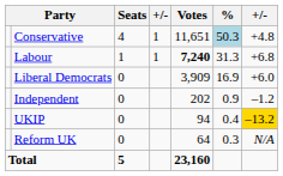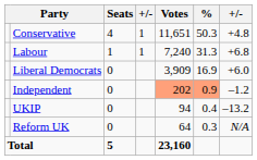 <table class="wikitable sortable">
 <tr>
 <th colspan="2">Party</th>
 <th>Seats</th>
 <th>+/-</th>
 <th>Votes</th>
 <th>%</th>
 <th>+/-</th>
 </tr>
 <tr>
 <td style="background-color: "></td>
 <td><a href='#'>Conservative</a></td>
 <td>4</td>
 <td> 1</td>
 <td style="text-align:right;">11,651</td>
-<td style="background: lightblue; text-align:right;">50.3</td>
+<td style="text-align:right;">50.3</td>
 <td style="text-align:right;">+4.8</td>
 </tr>
 <tr>
 <td style="background-color: "></td>
 <td><a href='#'>Labour</a></td>
 <td>1</td>
 <td> 1</td>
-<td style="text-align:right;"><strong>7,240</strong></td>
+<td style="text-align:right;">7,240</td>
 <td style="text-align:right;">31.3</td>
 <td style="text-align:right;">+6.8</td>
 </tr>
 <tr>
 <td style="background-color: "></td>
 <td><a href='#'>Liberal Democrats</a></td>
 <td>0</td>
 <td></td>
 <td style="text-align:right;">3,909</td>
 <td style="text-align:right;">16.9</td>
 <td style="text-align:right;">+6.0</td>
 </tr>
 <tr>
 <td style="background-color: "></td>
 <td><a href='#'>Independent</a></td>
 <td>0</td>
 <td></td>
-<td style="text-align:right;">202</td>
-<td style="text-align:right;">0.9</td>
+<td style="background: lightsalmon; text-align:right;">202</td>
+<td style="background: lightsalmon; text-align:right;">0.9</td>
 <td style="text-align:right;">–1.2</td>
 </tr>
 <tr>
 <td style="background-color: "></td>
 <td><a href='#'>UKIP</a></td>
 <td>0</td>
 <td></td>
 <td style="text-align:right;">94</td>
 <td style="text-align:right;">0.4</td>
-<td style="background: gold; text-align:right;">–13.2</td>
+<td style="text-align:right;">–13.2</td>
 </tr>
 <tr>
 <td style="background-color: "></td>
 <td><a href='#'>Reform UK</a></td>
 <td>0</td>
 <td></td>
 <td style="text-align:right;">64</td>
 <td style="text-align:right;">0.3</td>
 <td style="text-align:right;"><em>N/A</em></td>
 </tr>
 <tr>
 <td colspan="2"><strong>Total</strong></td>
 <td><strong>5</strong></td>
 <td></td>
 <td style="text-align:right;"><strong>23,160</strong></td>
 <td style="text-align:right;"></td>
 <td style="text-align:right;"></td>
 </tr>
 </table>
